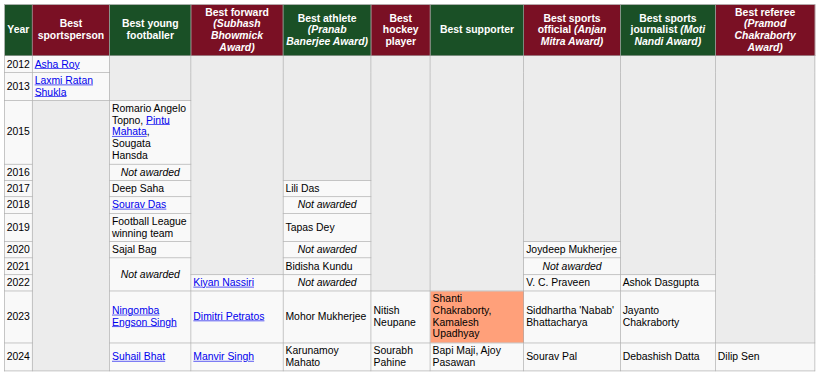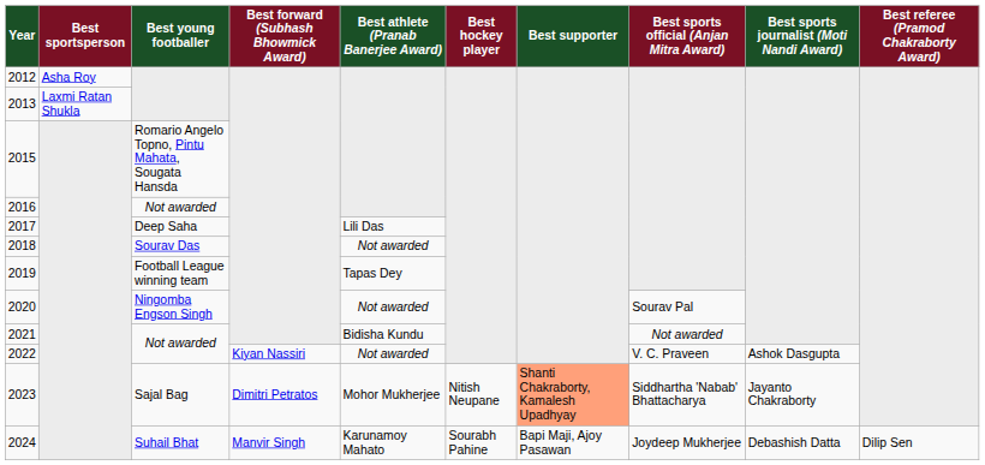 <table class="wikitable">
 <tr>
 <th style="background:#1A5026; color:white; text-align:center;">Year</th>
 <th style="background:#7A1024; color:white; text-align:center;">Best sportsperson</th>
 <th style="background:#1A5026; color:white; text-align:center;">Best young footballer</th>
 <th style="background:#7A1024; color:white; text-align:center;">Best forward <em>(Subhash Bhowmick Award)</em></th>
 <th style="background:#1A5026; color:white; text-align:center;">Best athlete <em>(Pranab Banerjee Award)</em></th>
 <th style="background:#7A1024; color:white; text-align:center;">Best hockey player</th>
 <th style="background:#1A5026; color:white; text-align:center;">Best supporter</th>
 <th style="background:#7A1024; color:white; text-align:center;">Best sports official <em>(Anjan Mitra Award)</em></th>
 <th style="background:#1A5026; color:white; text-align:center;">Best sports journalist <em>(Moti Nandi Award)</em></th>
 <th style="background:#7A1024; color:white; text-align:center;">Best referee <em>(Pramod Chakraborty Award)</em></th>
 </tr>
 <tr>
 <td>2012</td>
 <td><a href='#'>Asha Roy</a></td>
 <td rowspan="2" data-sort-value="" style="background: #ececec; color: #2C2C2C; vertical-align: middle; text-align: center; " class="table-na"></td>
 <td rowspan="9" data-sort-value="" style="background: #ececec; color: #2C2C2C; vertical-align: middle; text-align: center; " class="table-na"></td>
 <td rowspan="4" data-sort-value="" style="background: #ececec; color: #2C2C2C; vertical-align: middle; text-align: center; " class="table-na"></td>
 <td rowspan="10" data-sort-value="" style="background: #ececec; color: #2C2C2C; vertical-align: middle; text-align: center; " class="table-na"></td>
 <td rowspan="10" data-sort-value="" style="background: #ececec; color: #2C2C2C; vertical-align: middle; text-align: center; " class="table-na"></td>
 <td rowspan="7" data-sort-value="" style="background: #ececec; color: #2C2C2C; vertical-align: middle; text-align: center; " class="table-na"></td>
 <td rowspan="9" data-sort-value="" style="background: #ececec; color: #2C2C2C; vertical-align: middle; text-align: center; " class="table-na"></td>
 <td rowspan="11" data-sort-value="" style="background: #ececec; color: #2C2C2C; vertical-align: middle; text-align: center; " class="table-na"></td>
 </tr>
 <tr>
 <td>2013</td>
 <td><a href='#'>Laxmi Ratan Shukla</a></td>
 </tr>
 <tr>
 <td>2015</td>
 <td rowspan="10" data-sort-value="" style="background: #ececec; color: #2C2C2C; vertical-align: middle; text-align: center; " class="table-na"></td>
 <td>Romario Angelo Topno, <a href='#'>Pintu Mahata</a>,<br>Sougata Hansda</td>
 </tr>
 <tr>
 <td>2016</td>
 <td style="text-align: center;"><em>Not awarded</em></td>
 </tr>
 <tr>
 <td>2017</td>
 <td>Deep Saha</td>
 <td>Lili Das</td>
 </tr>
 <tr>
 <td>2018</td>
 <td><a href='#'>Sourav Das</a></td>
 <td style="text-align: center;"><em>Not awarded</em></td>
 </tr>
 <tr>
 <td>2019</td>
 <td> Football League<br>winning team</td>
 <td>Tapas Dey</td>
 </tr>
 <tr>
 <td>2020</td>
-<td>Sajal Bag</td>
+<td><a href='#'>Ningomba Engson Singh</a></td>
 <td style="text-align: center;"><em>Not awarded</em></td>
-<td>Joydeep Mukherjee</td>
+<td>Sourav Pal</td>
 </tr>
 <tr>
 <td>2021</td>
 <td rowspan="2" style="text-align: center;"><em>Not awarded</em></td>
 <td>Bidisha Kundu</td>
 <td style="text-align: center;"><em>Not awarded</em></td>
 </tr>
 <tr>
 <td>2022</td>
 <td><a href='#'>Kiyan Nassiri</a></td>
 <td style="text-align: center;"><em>Not awarded</em></td>
 <td>V. C. Praveen</td>
 <td>Ashok Dasgupta</td>
 </tr>
 <tr>
 <td>2023</td>
-<td><a href='#'>Ningomba Engson Singh</a></td>
+<td>Sajal Bag</td>
 <td><a href='#'>Dimitri Petratos</a></td>
 <td>Mohor Mukherjee</td>
 <td>Nitish Neupane</td>
 <td style="background: lightsalmon;">Shanti Chakraborty, Kamalesh Upadhyay</td>
 <td>Siddhartha 'Nabab' Bhattacharya</td>
 <td>Jayanto Chakraborty</td>
 </tr>
 <tr>
 <td>2024</td>
 <td><a href='#'>Suhail Bhat</a></td>
 <td><a href='#'>Manvir Singh</a></td>
 <td>Karunamoy Mahato</td>
 <td>Sourabh Pahine</td>
 <td>Bapi Maji, Ajoy Pasawan</td>
-<td>Sourav Pal</td>
+<td>Joydeep Mukherjee</td>
 <td>Debashish Datta</td>
 <td>Dilip Sen</td>
 </tr>
 </table>
